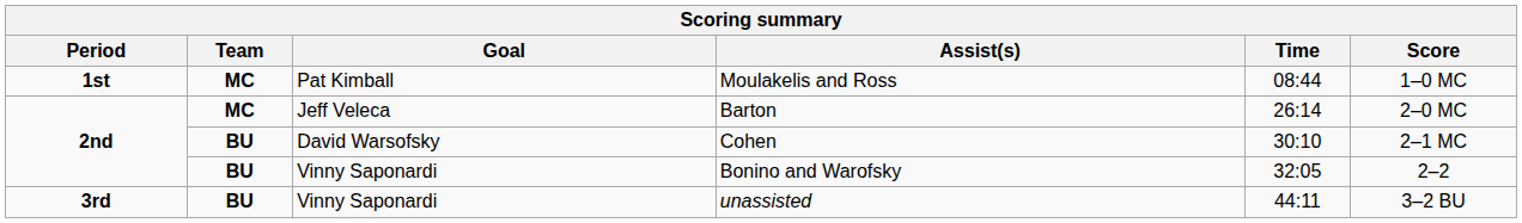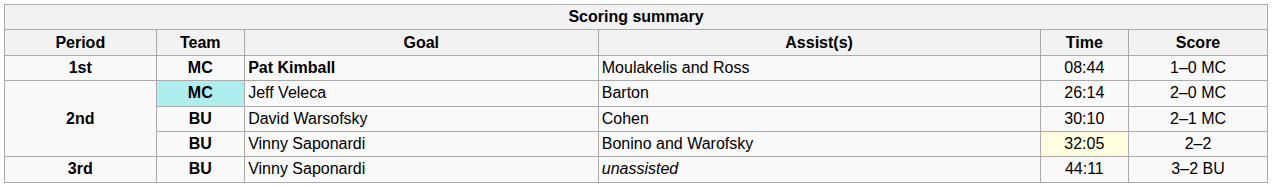 <table style="width:100%;" class="wikitable">
 <tr>
 <th colspan=6>Scoring summary</th>
 </tr>
 <tr>
 <th style="width:12%;">Period</th>
 <th style="width:7%;">Team</th>
 <th style="width:28%;">Goal</th>
 <th style="width:35%;">Assist(s)</th>
 <th style="width:7%;">Time</th>
 <th style="width:11%;">Score</th>
 </tr>
 <tr>
 <td style="text-align:center;" rowspan="1"><strong>1st</strong></td>
 <td align=center><strong>MC</strong></td>
-<td>Pat Kimball</td>
+<td><strong>Pat Kimball</strong></td>
 <td>Moulakelis and Ross</td>
 <td align=center>08:44</td>
 <td align=center>1–0 MC</td>
 </tr>
 <tr>
 <td style="text-align:center;" rowspan="3"><strong>2nd</strong></td>
-<td align=center><strong>MC</strong></td>
+<td align=center style="background: paleturquoise;"><strong>MC</strong></td>
 <td>Jeff Veleca</td>
 <td>Barton</td>
 <td align=center>26:14</td>
 <td align=center>2–0 MC</td>
 </tr>
 <tr>
 <td align=center><strong>BU</strong></td>
 <td>David Warsofsky</td>
 <td>Cohen</td>
 <td align=center>30:10</td>
 <td align=center>2–1 MC</td>
 </tr>
 <tr>
 <td align=center><strong>BU</strong></td>
 <td>Vinny Saponardi</td>
 <td>Bonino and Warofsky</td>
-<td align=center>32:05</td>
+<td align=center style="background: lightyellow;">32:05</td>
 <td align=center>2–2</td>
 </tr>
 <tr>
 <td style="text-align:center;" rowspan="1"><strong>3rd</strong></td>
 <td align=center><strong>BU</strong></td>
 <td>Vinny Saponardi</td>
 <td><em>unassisted</em></td>
 <td align=center>44:11</td>
 <td align=center>3–2 BU</td>
 </tr>
 <tr>
 </tr>
 </table>
